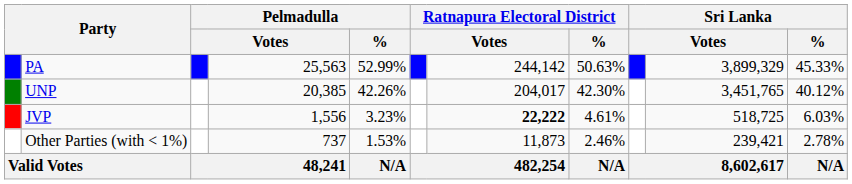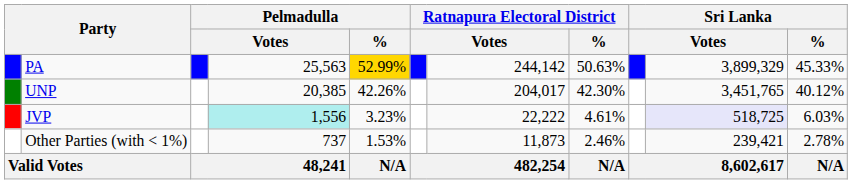 <table class="wikitable">
 <tr>
 <th colspan="2" width="144px"rowspan="2">Party</th>
 <th colspan="3" width="216px">Pelmadulla</th>
 <th colspan="3" width="216px"><a href='#'>Ratnapura Electoral District</a></th>
 <th colspan="3" width="216px">Sri Lanka</th>
 </tr>
 <tr>
 <th colspan="2" width="144px">Votes</th>
 <th>%</th>
 <th colspan="2" width="144px">Votes</th>
 <th>%</th>
 <th colspan="2" width="144px">Votes</th>
 <th>%</th>
 </tr>
 <tr>
 <td style="background-color:blue;" width="10px"></td>
 <td style="text-align:left;"><a href='#'>PA</a></td>
 <td style="background-color:blue;" width="10px"></td>
 <td style="text-align:right;">25,563</td>
-<td style="text-align:right;">52.99%</td>
+<td style="background: gold; text-align:right;">52.99%</td>
 <td style="background-color:blue;" width="10px"></td>
 <td style="text-align:right;">244,142</td>
 <td style="text-align:right;">50.63%</td>
 <td style="background-color:blue;" width="10px"></td>
 <td style="text-align:right;">3,899,329</td>
 <td style="text-align:right;">45.33%</td>
 </tr>
 <tr>
 <td style="background-color:green;" width="10px"></td>
 <td style="text-align:left;"><a href='#'>UNP</a></td>
 <td style="background-color:white;" width="10px"></td>
 <td style="text-align:right;">20,385</td>
 <td style="text-align:right;">42.26%</td>
 <td style="background-color:white;" width="10px"></td>
 <td style="text-align:right;">204,017</td>
 <td style="text-align:right;">42.30%</td>
 <td style="background-color:white;" width="10px"></td>
 <td style="text-align:right;">3,451,765</td>
 <td style="text-align:right;">40.12%</td>
 </tr>
 <tr>
 <td style="background-color:red;" width="10px"></td>
 <td style="text-align:left;"><a href='#'>JVP</a></td>
 <td style="background-color:white;" width="10px"></td>
-<td style="text-align:right;">1,556</td>
+<td style="background: paleturquoise; text-align:right;">1,556</td>
 <td style="text-align:right;">3.23%</td>
 <td style="background-color:white;" width="10px"></td>
-<td style="text-align:right;"><strong>22,222</strong></td>
+<td style="text-align:right;">22,222</td>
 <td style="text-align:right;">4.61%</td>
 <td style="background-color:white;" width="10px"></td>
-<td style="text-align:right;">518,725</td>
+<td style="background: lavender; text-align:right;">518,725</td>
 <td style="text-align:right;">6.03%</td>
 </tr>
 <tr>
 <td style="background-color:white;" width="10px"></td>
 <td style="text-align:left;">Other Parties (with < 1%)</td>
 <td style="background-color:white;" width="10px"></td>
 <td style="text-align:right;">737</td>
 <td style="text-align:right;">1.53%</td>
 <td style="background-color:white;" width="10px"></td>
 <td style="text-align:right;">11,873</td>
 <td style="text-align:right;">2.46%</td>
 <td style="background-color:white;" width="10px"></td>
 <td style="text-align:right;">239,421</td>
 <td style="text-align:right;">2.78%</td>
 </tr>
 <tr>
 <th colspan="2" width="144px"style="text-align:left;">Valid Votes</th>
 <th style="text-align:right;"colspan="2" width="144px">48,241</th>
 <th style="text-align:right;">N/A</th>
 <th style="text-align:right;"colspan="2" width="144px">482,254</th>
 <th style="text-align:right;">N/A</th>
 <th style="text-align:right;"colspan="2" width="144px">8,602,617</th>
 <th style="text-align:right;">N/A</th>
 </tr>
 </table>
